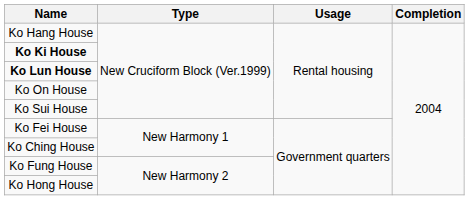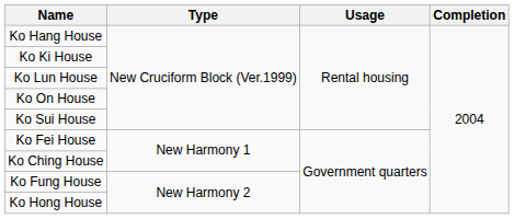 <table class="wikitable" style="text-align: center">
 <tr>
 <th>Name</th>
 <th>Type</th>
 <th>Usage</th>
 <th>Completion</th>
 </tr>
 <tr>
 <td>Ko Hang House</td>
 <td rowspan="5">New Cruciform Block (Ver.1999)</td>
 <td rowspan="5">Rental housing</td>
 <td rowspan="9">2004</td>
 </tr>
 <tr>
-<td><strong>Ko Ki House</strong></td>
+<td>Ko Ki House</td>
 </tr>
 <tr>
-<td><strong>Ko Lun House</strong></td>
+<td>Ko Lun House</td>
 </tr>
 <tr>
 <td>Ko On House</td>
 </tr>
 <tr>
 <td>Ko Sui House</td>
 </tr>
 <tr>
 <td>Ko Fei House</td>
 <td rowspan="2">New Harmony 1</td>
 <td rowspan="4">Government quarters</td>
 </tr>
 <tr>
 <td>Ko Ching House</td>
 </tr>
 <tr>
 <td>Ko Fung House</td>
 <td rowspan="2">New Harmony 2</td>
 </tr>
 <tr>
 <td>Ko Hong House</td>
 </tr>
 </table>
